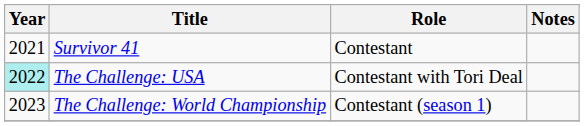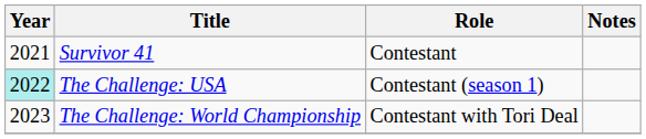 <table class="wikitable sortable">
 <tr>
 <th>Year</th>
 <th>Title</th>
 <th>Role</th>
 <th class="unsortable">Notes</th>
 </tr>
 <tr>
 <td>2021</td>
 <td><em><a href='#'>Survivor 41</a></em></td>
 <td>Contestant</td>
 <td></td>
 </tr>
 <tr>
 <td style="background: paleturquoise;">2022</td>
 <td><em><a href='#'>The Challenge: USA</a></em></td>
-<td>Contestant with Tori Deal</td>
+<td>Contestant (<a href='#'>season 1</a>)</td>
 <td></td>
 </tr>
 <tr>
 <td>2023</td>
 <td><em><a href='#'>The Challenge: World Championship</a></em></td>
-<td>Contestant (<a href='#'>season 1</a>)</td>
+<td>Contestant with Tori Deal</td>
 <td></td>
 </tr>
 <tr>
 </tr>
 </table>
